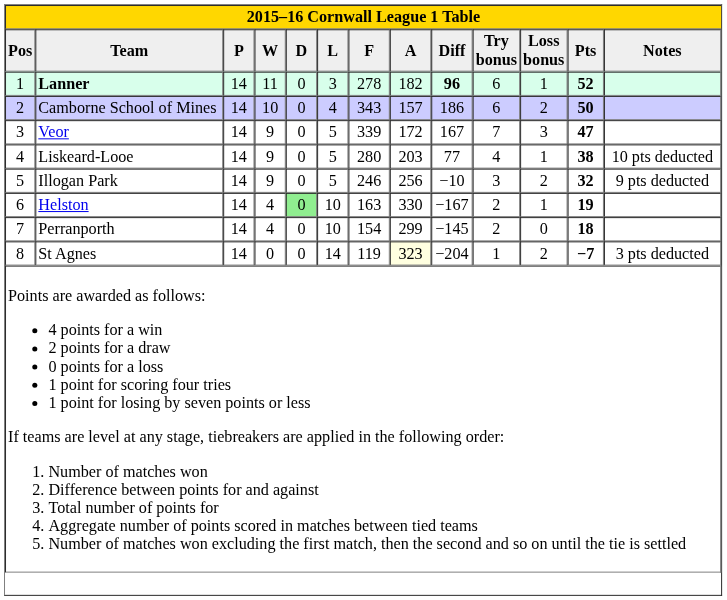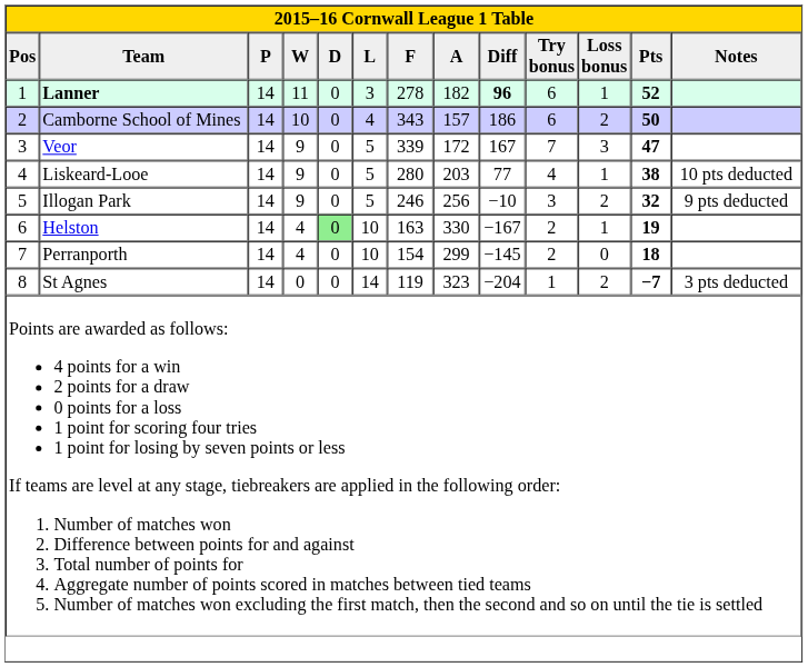 <table border="1" cellpadding="2" cellspacing="0">
 <tr bgcolor="gold">
 <th colspan=13 style="border-right:0px;";>2015–16 Cornwall League 1 Table</th>
 </tr>
 <tr bgcolor="#efefef">
 <th width="20">Pos</th>
 <th width="180">Team</th>
 <th width="25">P</th>
 <th width="25">W</th>
 <th width="25">D</th>
 <th width="25">L</th>
 <th width="35">F</th>
 <th width="35">A</th>
 <th width="35">Diff</th>
 <th width="35">Try bonus</th>
 <th width="35">Loss bonus</th>
 <th width="30">Pts</th>
 <th width="110">Notes</th>
 </tr>
 <tr bgcolor=#d8ffeb align=center>
 <td>1</td>
 <td align=left><strong>Lanner</strong></td>
 <td>14</td>
 <td>11</td>
 <td>0</td>
 <td>3</td>
 <td>278</td>
 <td>182</td>
 <td><strong>96</strong></td>
 <td>6</td>
 <td>1</td>
 <td><strong>52</strong></td>
 <td></td>
 </tr>
 <tr style="background-color:#ccccff;" align=center>
 <td>2</td>
 <td align=left>Camborne School of Mines</td>
 <td>14</td>
 <td>10</td>
 <td>0</td>
 <td>4</td>
 <td>343</td>
 <td>157</td>
 <td>186</td>
 <td>6</td>
 <td>2</td>
 <td><strong>50</strong></td>
 <td></td>
 </tr>
 <tr align=center>
 <td>3</td>
 <td align=left><a href='#'>Veor</a></td>
 <td>14</td>
 <td>9</td>
 <td>0</td>
 <td>5</td>
 <td>339</td>
 <td>172</td>
 <td>167</td>
 <td>7</td>
 <td>3</td>
 <td><strong>47</strong></td>
 <td></td>
 </tr>
 <tr align=center>
 <td>4</td>
 <td align=left>Liskeard-Looe</td>
 <td>14</td>
 <td>9</td>
 <td>0</td>
 <td>5</td>
 <td>280</td>
 <td>203</td>
 <td>77</td>
 <td>4</td>
 <td>1</td>
 <td><strong>38</strong></td>
 <td>10 pts deducted</td>
 </tr>
 <tr align=center>
 <td>5</td>
 <td align=left>Illogan Park</td>
 <td>14</td>
 <td>9</td>
 <td>0</td>
 <td>5</td>
 <td>246</td>
 <td>256</td>
 <td>−10</td>
 <td>3</td>
 <td>2</td>
 <td><strong>32</strong></td>
 <td>9 pts deducted</td>
 </tr>
 <tr align=center>
 <td>6</td>
 <td align=left><a href='#'>Helston</a></td>
 <td>14</td>
 <td>4</td>
 <td style="background: lightgreen;">0</td>
 <td>10</td>
 <td>163</td>
 <td>330</td>
 <td>−167</td>
 <td>2</td>
 <td>1</td>
 <td><strong>19</strong></td>
 <td></td>
 </tr>
 <tr align=center>
 <td>7</td>
 <td align=left>Perranporth</td>
 <td>14</td>
 <td>4</td>
 <td>0</td>
 <td>10</td>
 <td>154</td>
 <td>299</td>
 <td>−145</td>
 <td>2</td>
 <td>0</td>
 <td><strong>18</strong></td>
 <td></td>
 </tr>
 <tr align=center>
 <td>8</td>
 <td align=left>St Agnes</td>
 <td>14</td>
 <td>0</td>
 <td>0</td>
 <td>14</td>
 <td>119</td>
-<td style="background: lightyellow;">323</td>
+<td>323</td>
 <td>−204</td>
 <td>1</td>
 <td>2</td>
 <td><strong>−7</strong></td>
 <td>3 pts deducted</td>
 </tr>
 <tr align=center>
 </tr>
 <tr bgcolor=#ffffff>
 <td colspan="13"><br>Points are awarded as follows:<ul><li>4 points for a win</li><li>2 points for a draw</li><li>0 points for a loss</li><li>1 point for scoring four tries</li><li>1 point for losing by seven points or less</li></ul>If teams are level at any stage, tiebreakers are applied in the following order:<ol><li>Number of matches won</li><li>Difference between points for and against</li><li>Total number of points for</li><li>Aggregate number of points scored in matches between tied teams</li><li>Number of matches won excluding the first match, then the second and so on until the tie is settled</li></ol></td>
 </tr>
 <tr |align=left|>
 <td colspan="15" style="border:0px"><br></td>
 </tr>
 </table>
